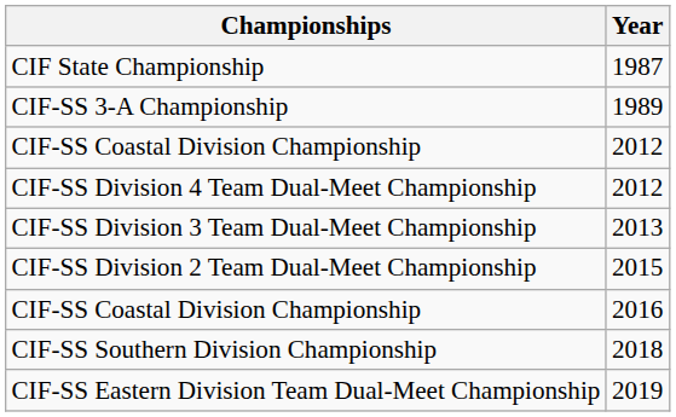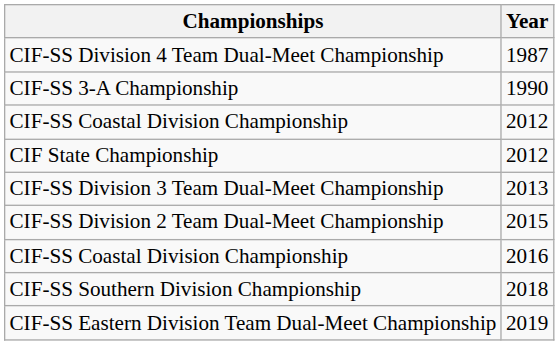 <table class="wikitable">
 <tr>
 <th>Championships</th>
 <th>Year</th>
 </tr>
 <tr>
-<td>CIF State Championship</td>
+<td>CIF-SS Division 4 Team Dual-Meet Championship</td>
 <td>1987</td>
 </tr>
 <tr>
 <td>CIF-SS 3-A Championship</td>
-<td>1989</td>
+<td>1990</td>
 </tr>
 <tr>
 <td>CIF-SS Coastal Division Championship</td>
 <td>2012</td>
 </tr>
 <tr>
-<td>CIF-SS Division 4 Team Dual-Meet Championship</td>
+<td>CIF State Championship</td>
 <td>2012</td>
 </tr>
 <tr>
 <td>CIF-SS Division 3 Team Dual-Meet Championship</td>
 <td>2013</td>
 </tr>
 <tr>
 <td>CIF-SS Division 2 Team Dual-Meet Championship</td>
 <td>2015</td>
 </tr>
 <tr>
 <td>CIF-SS Coastal Division Championship</td>
 <td>2016</td>
 </tr>
 <tr>
 <td>CIF-SS Southern Division Championship</td>
 <td>2018</td>
 </tr>
 <tr>
 <td>CIF-SS Eastern Division Team Dual-Meet Championship</td>
 <td>2019</td>
 </tr>
 </table>
